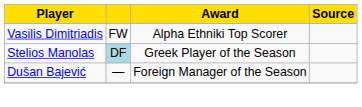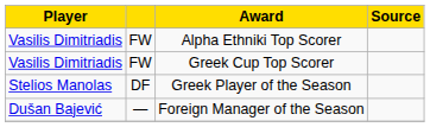 <table class="wikitable">
 <tr>
 <th style="background:#FFDE00">Player</th>
 <th style="background:#FFDE00"></th>
 <th style="background:#FFDE00">Award</th>
 <th style="background:#FFDE00">Source</th>
 </tr>
 <tr>
 <td> <a href='#'>Vasilis Dimitriadis</a></td>
 <td align="center">FW</td>
 <td align="center">Alpha Ethniki Top Scorer</td>
 <td align="center"></td>
 </tr>
 <tr>
+<td> <a href='#'>Vasilis Dimitriadis</a></td>
+<td align="center">FW</td>
+<td align="center">Greek Cup Top Scorer</td>
+<td align="center"></td>
+</tr>
+<tr>
 <td> <a href='#'>Stelios Manolas</a></td>
-<td align="center" style="background: lightblue;">DF</td>
+<td align="center">DF</td>
 <td align="center">Greek Player of the Season</td>
 <td align="center"></td>
 </tr>
 <tr>
 <td> <a href='#'>Dušan Bajević</a></td>
 <td align="center">—</td>
 <td align="center">Foreign Manager of the Season</td>
 <td align="center"></td>
 </tr>
 <tr>
 </tr>
 </table>
